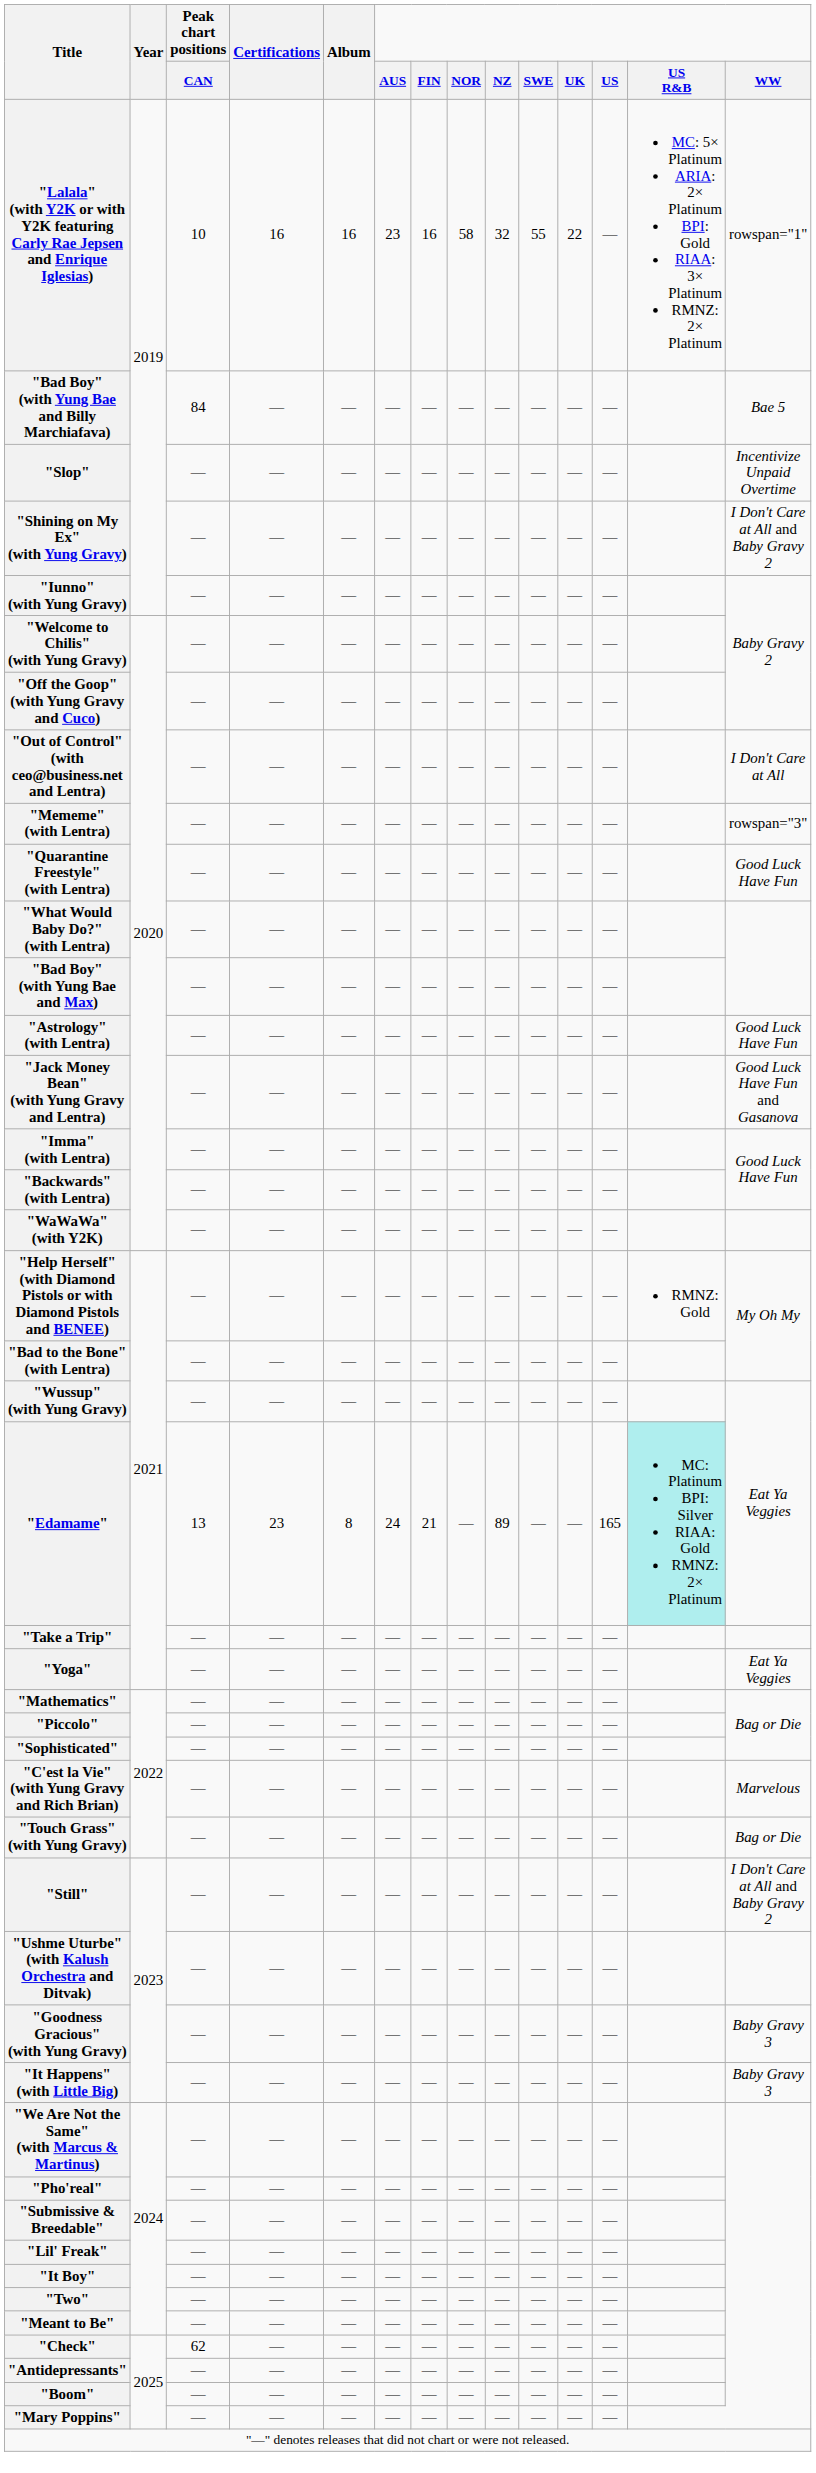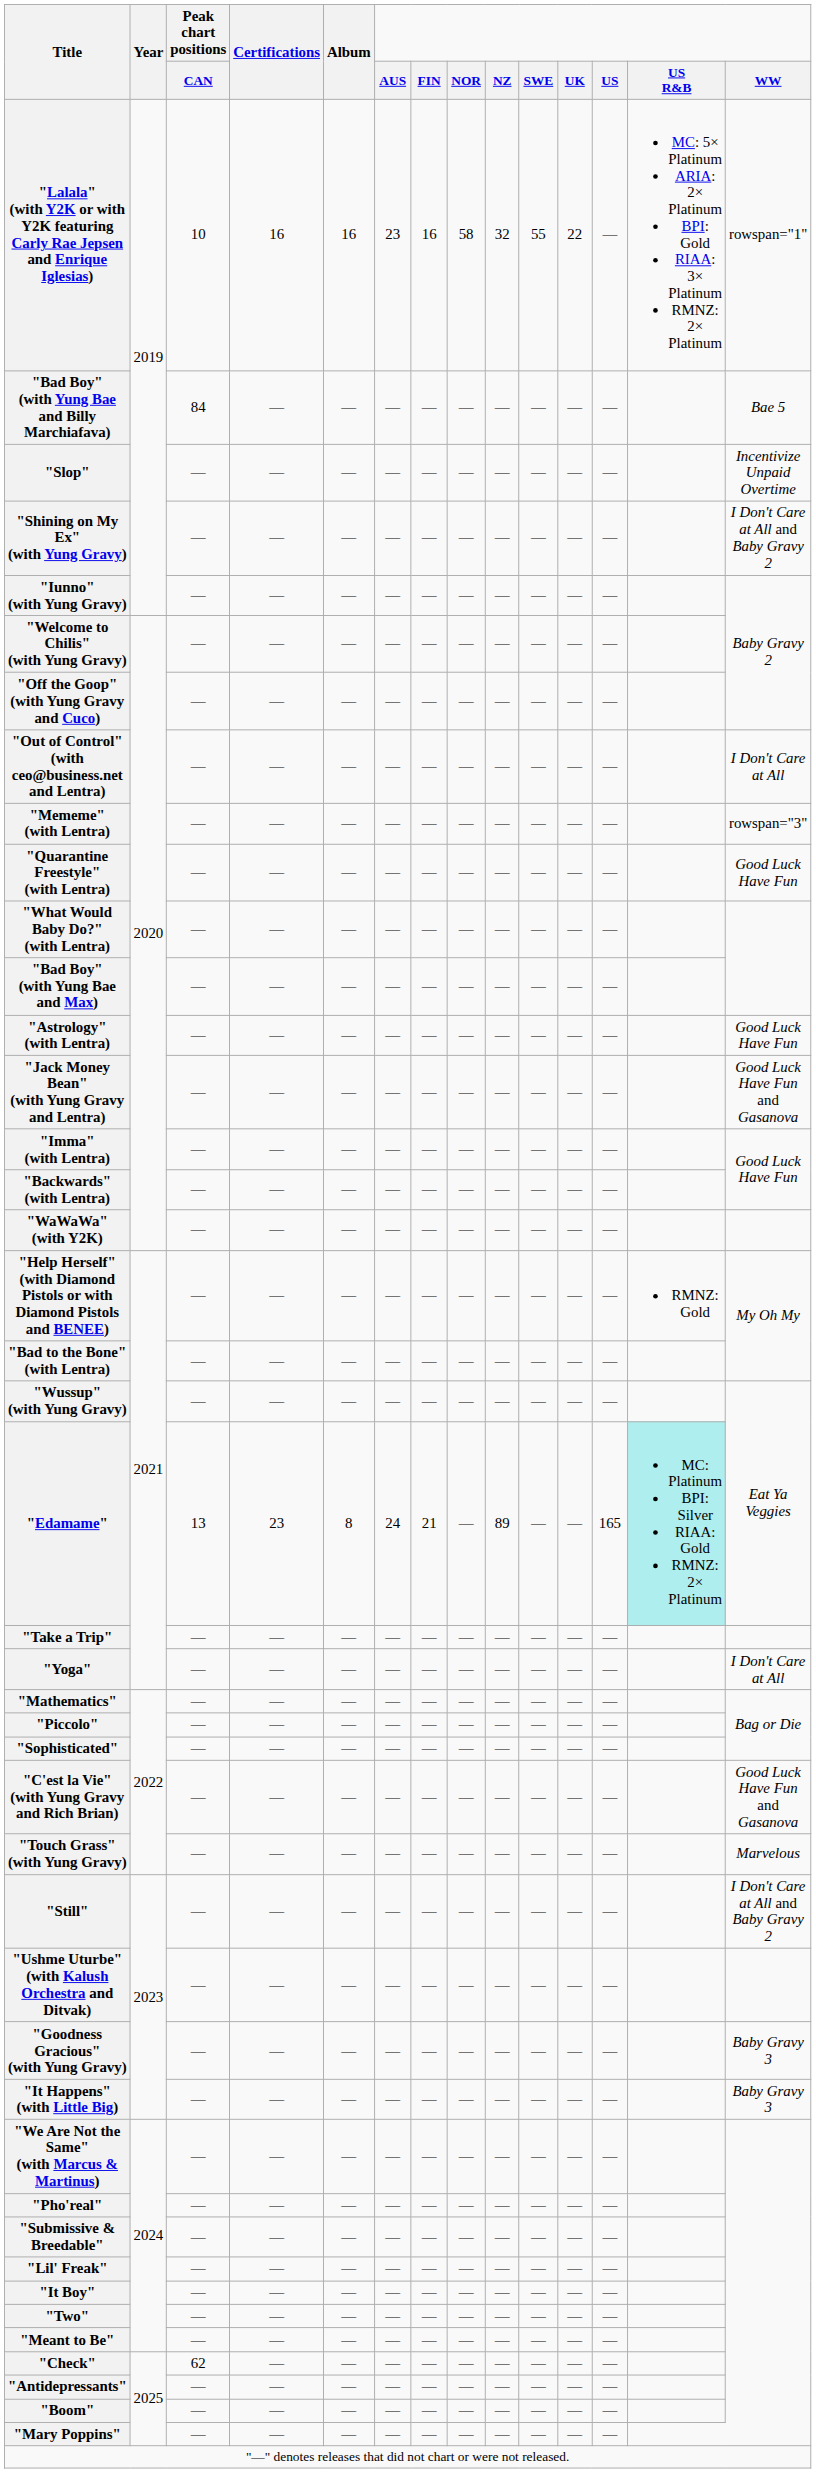 <table class="wikitable plainrowheaders" style="text-align:center;">
 <tr>
 <th scope="col" rowspan="2">Title</th>
 <th scope="col" rowspan="2">Year</th>
 <th scope="col" colspan="1">Peak chart positions</th>
 <th scope="col" rowspan="2"><a href='#'>Certifications</a></th>
 <th scope="col" rowspan="2">Album</th>
 </tr>
 <tr>
 <th scope="col" style="width:2.5em;font-size:90%;"><a href='#'>CAN</a><br></th>
 <th scope="col" style="width:2.5em;font-size:90%;"><a href='#'>AUS</a><br></th>
 <th scope="col" style="width:2.5em;font-size:90%;"><a href='#'>FIN</a><br></th>
 <th scope="col" style="width:2.5em;font-size:90%;"><a href='#'>NOR</a><br></th>
 <th scope="col" style="width:2.5em;font-size:90%;"><a href='#'>NZ</a><br></th>
 <th scope="col" style="width:2.5em;font-size:90%;"><a href='#'>SWE</a><br></th>
 <th scope="col" style="width:2.5em;font-size:90%;"><a href='#'>UK</a><br></th>
 <th scope="col" style="width:2.5em;font-size:90%;"><a href='#'>US</a><br></th>
 <th scope="col" style="width:2.5em;font-size:90%;"><a href='#'>US<br>R&B</a><br></th>
 <th scope="col" style="width:2.5em;font-size:90%;"><a href='#'>WW</a><br></th>
 </tr>
 <tr>
 <th scope="row">"<a href='#'>Lalala</a>"<br><span>(with <a href='#'>Y2K</a> or with Y2K featuring <a href='#'>Carly Rae Jepsen</a> and <a href='#'>Enrique Iglesias</a>)</span></th>
 <td rowspan="5">2019</td>
 <td>10</td>
 <td>16</td>
 <td>16</td>
 <td>23</td>
 <td>16</td>
 <td>58</td>
 <td>32</td>
 <td>55</td>
 <td>22</td>
 <td>—</td>
 <td><br><ul><li><a href='#'>MC</a>: 5× Platinum</li><li><a href='#'>ARIA</a>: 2× Platinum</li><li><a href='#'>BPI</a>: Gold</li><li><a href='#'>RIAA</a>: 3× Platinum</li><li>RMNZ: 2× Platinum</li></ul></td>
 <td>rowspan="1" </td>
 </tr>
 <tr>
 <th scope="row">"Bad Boy"<br><span>(with <a href='#'>Yung Bae</a> and Billy Marchiafava)</span></th>
 <td>84</td>
 <td>—</td>
 <td>—</td>
 <td>—</td>
 <td>—</td>
 <td>—</td>
 <td>—</td>
 <td>—</td>
 <td>—</td>
 <td>—</td>
 <td></td>
 <td><em>Bae 5</em></td>
 </tr>
 <tr>
 <th scope="row">"Slop"</th>
 <td>—</td>
 <td>—</td>
 <td>—</td>
 <td>—</td>
 <td>—</td>
 <td>—</td>
 <td>—</td>
 <td>—</td>
 <td>—</td>
 <td>—</td>
 <td></td>
 <td><em>Incentivize Unpaid Overtime</em></td>
 </tr>
 <tr>
 <th scope="row">"Shining on My Ex"<br><span>(with <a href='#'>Yung Gravy</a>)</span></th>
 <td>—</td>
 <td>—</td>
 <td>—</td>
 <td>—</td>
 <td>—</td>
 <td>—</td>
 <td>—</td>
 <td>—</td>
 <td>—</td>
 <td>—</td>
 <td></td>
 <td><em>I Don't Care at All</em> and <em>Baby Gravy 2</em></td>
 </tr>
 <tr>
 <th scope="row">"Iunno"<br><span>(with Yung Gravy)</span></th>
 <td>—</td>
 <td>—</td>
 <td>—</td>
 <td>—</td>
 <td>—</td>
 <td>—</td>
 <td>—</td>
 <td>—</td>
 <td>—</td>
 <td>—</td>
 <td></td>
 <td rowspan="3"><em>Baby Gravy 2</em></td>
 </tr>
 <tr>
 <th scope="row">"Welcome to Chilis"<br><span>(with Yung Gravy)</span></th>
 <td rowspan="12">2020</td>
 <td>—</td>
 <td>—</td>
 <td>—</td>
 <td>—</td>
 <td>—</td>
 <td>—</td>
 <td>—</td>
 <td>—</td>
 <td>—</td>
 <td>—</td>
 <td></td>
 </tr>
 <tr>
 <th scope="row">"Off the Goop"<br><span>(with Yung Gravy and <a href='#'>Cuco</a>)</span></th>
 <td>—</td>
 <td>—</td>
 <td>—</td>
 <td>—</td>
 <td>—</td>
 <td>—</td>
 <td>—</td>
 <td>—</td>
 <td>—</td>
 <td>—</td>
 <td></td>
 </tr>
 <tr>
 <th scope="row">"Out of Control"<br><span>(with ceo@business.net and Lentra)</span></th>
 <td>—</td>
 <td>—</td>
 <td>—</td>
 <td>—</td>
 <td>—</td>
 <td>—</td>
 <td>—</td>
 <td>—</td>
 <td>—</td>
 <td>—</td>
 <td></td>
 <td><em>I Don't Care at All</em></td>
 </tr>
 <tr>
 <th scope="row">"Mememe"<br><span>(with Lentra)</span></th>
 <td>—</td>
 <td>—</td>
 <td>—</td>
 <td>—</td>
 <td>—</td>
 <td>—</td>
 <td>—</td>
 <td>—</td>
 <td>—</td>
 <td>—</td>
 <td></td>
 <td>rowspan="3" </td>
 </tr>
 <tr>
 <th scope="row">"Quarantine Freestyle"<br><span>(with Lentra)</span></th>
 <td>—</td>
 <td>—</td>
 <td>—</td>
 <td>—</td>
 <td>—</td>
 <td>—</td>
 <td>—</td>
 <td>—</td>
 <td>—</td>
 <td>—</td>
 <td></td>
 <td><em>Good Luck Have Fun</em></td>
 </tr>
 <tr>
 <th scope="row">"What Would Baby Do?"<br><span>(with Lentra)</span></th>
 <td>—</td>
 <td>—</td>
 <td>—</td>
 <td>—</td>
 <td>—</td>
 <td>—</td>
 <td>—</td>
 <td>—</td>
 <td>—</td>
 <td>—</td>
 <td></td>
 </tr>
 <tr>
 <th scope="row">"Bad Boy"<br><span>(with Yung Bae and <a href='#'>Max</a>)</span></th>
 <td>—</td>
 <td>—</td>
 <td>—</td>
 <td>—</td>
 <td>—</td>
 <td>—</td>
 <td>—</td>
 <td>—</td>
 <td>—</td>
 <td>—</td>
 <td></td>
 </tr>
 <tr>
 <th scope="row">"Astrology"<br><span>(with Lentra)</span></th>
 <td>—</td>
 <td>—</td>
 <td>—</td>
 <td>—</td>
 <td>—</td>
 <td>—</td>
 <td>—</td>
 <td>—</td>
 <td>—</td>
 <td>—</td>
 <td></td>
 <td><em>Good Luck Have Fun</em></td>
 </tr>
 <tr>
 <th scope="row">"Jack Money Bean"<br><span>(with Yung Gravy and Lentra)</span></th>
 <td>—</td>
 <td>—</td>
 <td>—</td>
 <td>—</td>
 <td>—</td>
 <td>—</td>
 <td>—</td>
 <td>—</td>
 <td>—</td>
 <td>—</td>
 <td></td>
 <td><em>Good Luck Have Fun</em> and <em>Gasanova</em></td>
 </tr>
 <tr>
 <th scope="row">"Imma"<br><span>(with Lentra)</span></th>
 <td>—</td>
 <td>—</td>
 <td>—</td>
 <td>—</td>
 <td>—</td>
 <td>—</td>
 <td>—</td>
 <td>—</td>
 <td>—</td>
 <td>—</td>
 <td></td>
 <td rowspan="2"><em>Good Luck Have Fun</em></td>
 </tr>
 <tr>
 <th scope="row">"Backwards"<br><span>(with Lentra)</span></th>
 <td>—</td>
 <td>—</td>
 <td>—</td>
 <td>—</td>
 <td>—</td>
 <td>—</td>
 <td>—</td>
 <td>—</td>
 <td>—</td>
 <td>—</td>
 <td></td>
 </tr>
 <tr>
 <th scope="row">"WaWaWa"<br><span>(with Y2K)</span></th>
 <td>—</td>
 <td>—</td>
 <td>—</td>
 <td>—</td>
 <td>—</td>
 <td>—</td>
 <td>—</td>
 <td>—</td>
 <td>—</td>
 <td>—</td>
 <td></td>
 <td></td>
 </tr>
 <tr>
 <th scope="row">"Help Herself"<br><span>(with Diamond Pistols or with Diamond Pistols and <a href='#'>BENEE</a>)</span></th>
 <td rowspan="6">2021</td>
 <td>—</td>
 <td>—</td>
 <td>—</td>
 <td>—</td>
 <td>—</td>
 <td>—</td>
 <td>—</td>
 <td>—</td>
 <td>—</td>
 <td>—</td>
 <td><br><ul><li>RMNZ: Gold</li></ul></td>
 <td rowspan="2"><em>My Oh My</em></td>
 </tr>
 <tr>
 <th scope="row">"Bad to the Bone"<br><span>(with Lentra)</span></th>
 <td>—</td>
 <td>—</td>
 <td>—</td>
 <td>—</td>
 <td>—</td>
 <td>—</td>
 <td>—</td>
 <td>—</td>
 <td>—</td>
 <td>—</td>
 <td></td>
 </tr>
 <tr>
 <th scope="row">"Wussup"<br><span>(with Yung Gravy)</span></th>
 <td>—</td>
 <td>—</td>
 <td>—</td>
 <td>—</td>
 <td>—</td>
 <td>—</td>
 <td>—</td>
 <td>—</td>
 <td>—</td>
 <td>—</td>
 <td></td>
 <td rowspan="2"><em>Eat Ya Veggies</em></td>
 </tr>
 <tr>
 <th scope="row">"<a href='#'>Edamame</a>"<br></th>
 <td>13</td>
 <td>23</td>
 <td>8</td>
 <td>24</td>
 <td>21</td>
 <td>—</td>
 <td>89</td>
 <td>—</td>
 <td>—</td>
 <td>165</td>
 <td style="background: paleturquoise;"><br><ul><li>MC: Platinum</li><li>BPI: Silver</li><li>RIAA: Gold</li><li>RMNZ: 2× Platinum</li></ul></td>
 </tr>
 <tr>
 <th scope="row">"Take a Trip"<br></th>
 <td>—</td>
 <td>—</td>
 <td>—</td>
 <td>—</td>
 <td>—</td>
 <td>—</td>
 <td>—</td>
 <td>—</td>
 <td>—</td>
 <td>—</td>
 <td></td>
 <td></td>
 </tr>
 <tr>
 <th scope="row">"Yoga"<br></th>
 <td>—</td>
 <td>—</td>
 <td>—</td>
 <td>—</td>
 <td>—</td>
 <td>—</td>
 <td>—</td>
 <td>—</td>
 <td>—</td>
 <td>—</td>
 <td></td>
-<td><em>Eat Ya Veggies</em></td>
+<td><em>I Don't Care at All</em></td>
 </tr>
 <tr>
 <th scope="row">"Mathematics"</th>
 <td rowspan="5">2022</td>
 <td>—</td>
 <td>—</td>
 <td>—</td>
 <td>—</td>
 <td>—</td>
 <td>—</td>
 <td>—</td>
 <td>—</td>
 <td>—</td>
 <td>—</td>
 <td></td>
 <td rowspan="3"><em>Bag or Die</em></td>
 </tr>
 <tr>
 <th scope="row">"Piccolo"</th>
 <td>—</td>
 <td>—</td>
 <td>—</td>
 <td>—</td>
 <td>—</td>
 <td>—</td>
 <td>—</td>
 <td>—</td>
 <td>—</td>
 <td>—</td>
 <td></td>
 </tr>
 <tr>
 <th scope="row">"Sophisticated"</th>
 <td>—</td>
 <td>—</td>
 <td>—</td>
 <td>—</td>
 <td>—</td>
 <td>—</td>
 <td>—</td>
 <td>—</td>
 <td>—</td>
 <td>—</td>
 <td></td>
 </tr>
 <tr>
 <th scope="row">"C'est la Vie"<br><span>(with Yung Gravy and Rich Brian)</span></th>
 <td>—</td>
 <td>—</td>
 <td>—</td>
 <td>—</td>
 <td>—</td>
 <td>—</td>
 <td>—</td>
 <td>—</td>
 <td>—</td>
 <td>—</td>
 <td></td>
-<td><em>Marvelous</em></td>
+<td><em>Good Luck Have Fun</em> and <em>Gasanova</em></td>
 </tr>
 <tr>
 <th scope="row">"Touch Grass"<br><span>(with Yung Gravy)</span></th>
 <td>—</td>
 <td>—</td>
 <td>—</td>
 <td>—</td>
 <td>—</td>
 <td>—</td>
 <td>—</td>
 <td>—</td>
 <td>—</td>
 <td>—</td>
 <td></td>
-<td><em>Bag or Die</em></td>
+<td><em>Marvelous</em></td>
 </tr>
 <tr>
 <th scope="row">"Still"</th>
 <td rowspan="4">2023</td>
 <td>—</td>
 <td>—</td>
 <td>—</td>
 <td>—</td>
 <td>—</td>
 <td>—</td>
 <td>—</td>
 <td>—</td>
 <td>—</td>
 <td>—</td>
 <td></td>
 <td><em>I Don't Care at All</em> and <em>Baby Gravy 2</em></td>
 </tr>
 <tr>
 <th scope="row">"Ushme Uturbe"<br><span>(with <a href='#'>Kalush Orchestra</a> and Ditvak)</span></th>
 <td>—</td>
 <td>—</td>
 <td>—</td>
 <td>—</td>
 <td>—</td>
 <td>—</td>
 <td>—</td>
 <td>—</td>
 <td>—</td>
 <td>—</td>
 <td></td>
 </tr>
 <tr>
 <th scope="row">"Goodness Gracious"<br><span>(with Yung Gravy)</span></th>
 <td>—</td>
 <td>—</td>
 <td>—</td>
 <td>—</td>
 <td>—</td>
 <td>—</td>
 <td>—</td>
 <td>—</td>
 <td>—</td>
 <td>—</td>
 <td></td>
 <td><em>Baby Gravy 3</em></td>
 </tr>
 <tr>
 <th scope="row">"It Happens"<br><span>(with <a href='#'>Little Big</a>)</span></th>
 <td>—</td>
 <td>—</td>
 <td>—</td>
 <td>—</td>
 <td>—</td>
 <td>—</td>
 <td>—</td>
 <td>—</td>
 <td>—</td>
 <td>—</td>
 <td></td>
 <td><em>Baby Gravy 3</em></td>
 </tr>
 <tr>
 <th scope="row">"We Are Not the Same"<br><span>(with <a href='#'>Marcus & Martinus</a>)</span></th>
 <td rowspan="7">2024</td>
 <td>—</td>
 <td>—</td>
 <td>—</td>
 <td>—</td>
 <td>—</td>
 <td>—</td>
 <td>—</td>
 <td>—</td>
 <td>—</td>
 <td>—</td>
 <td></td>
 </tr>
 <tr>
 <th scope="row">"Pho'real"<br></th>
 <td>—</td>
 <td>—</td>
 <td>—</td>
 <td>—</td>
 <td>—</td>
 <td>—</td>
 <td>—</td>
 <td>—</td>
 <td>—</td>
 <td>—</td>
 <td></td>
 </tr>
 <tr>
 <th scope="row">"Submissive & Breedable"<br></th>
 <td>—</td>
 <td>—</td>
 <td>—</td>
 <td>—</td>
 <td>—</td>
 <td>—</td>
 <td>—</td>
 <td>—</td>
 <td>—</td>
 <td>—</td>
 <td></td>
 </tr>
 <tr>
 <th scope="row">"Lil' Freak"</th>
 <td>—</td>
 <td>—</td>
 <td>—</td>
 <td>—</td>
 <td>—</td>
 <td>—</td>
 <td>—</td>
 <td>—</td>
 <td>—</td>
 <td>—</td>
 <td></td>
 </tr>
 <tr>
 <th scope="row">"It Boy"</th>
 <td>—</td>
 <td>—</td>
 <td>—</td>
 <td>—</td>
 <td>—</td>
 <td>—</td>
 <td>—</td>
 <td>—</td>
 <td>—</td>
 <td>—</td>
 <td></td>
 </tr>
 <tr>
 <th scope="row">"Two"</th>
 <td>—</td>
 <td>—</td>
 <td>—</td>
 <td>—</td>
 <td>—</td>
 <td>—</td>
 <td>—</td>
 <td>—</td>
 <td>—</td>
 <td>—</td>
 <td></td>
 </tr>
 <tr>
 <th scope="row">"Meant to Be"</th>
 <td>—</td>
 <td>—</td>
 <td>—</td>
 <td>—</td>
 <td>—</td>
 <td>—</td>
 <td>—</td>
 <td>—</td>
 <td>—</td>
 <td>—</td>
 <td></td>
 </tr>
 <tr>
 <th scope="row">"Check"</th>
 <td rowspan="4">2025</td>
 <td>62</td>
 <td>—</td>
 <td>—</td>
 <td>—</td>
 <td>—</td>
 <td>—</td>
 <td>—</td>
 <td>—</td>
 <td>—</td>
 <td>—</td>
 <td></td>
 </tr>
 <tr>
 <th scope="row">"Antidepressants"</th>
 <td>—</td>
 <td>—</td>
 <td>—</td>
 <td>—</td>
 <td>—</td>
 <td>—</td>
 <td>—</td>
 <td>—</td>
 <td>—</td>
 <td>—</td>
 <td></td>
 </tr>
 <tr>
 <th scope="row">"Boom"</th>
 <td>—</td>
 <td>—</td>
 <td>—</td>
 <td>—</td>
 <td>—</td>
 <td>—</td>
 <td>—</td>
 <td>—</td>
 <td>—</td>
 <td>—</td>
 <td></td>
 </tr>
 <tr>
 <th scope="row">"Mary Poppins"</th>
 <td>—</td>
 <td>—</td>
 <td>—</td>
 <td>—</td>
 <td>—</td>
 <td>—</td>
 <td>—</td>
 <td>—</td>
 <td>—</td>
 <td>—</td>
 </tr>
 <tr>
 <td colspan="14" style="font-size:90%;">"—" denotes releases that did not chart or were not released.</td>
 </tr>
 </table>
